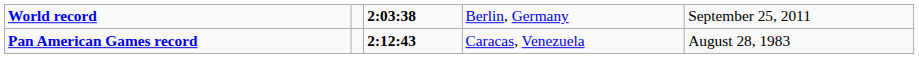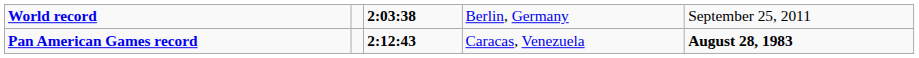 <table class="wikitable" width=75%>
 <tr>
 <td><strong><a href='#'>World record</a></strong></td>
 <td></td>
 <td><strong>2:03:38</strong></td>
 <td><a href='#'>Berlin</a>, <a href='#'>Germany</a></td>
 <td>September 25, 2011</td>
 </tr>
 <tr>
 <td><strong><a href='#'>Pan American Games record</a></strong></td>
 <td></td>
 <td><strong>2:12:43</strong></td>
 <td><a href='#'>Caracas</a>, <a href='#'>Venezuela</a></td>
-<td>August 28, 1983</td>
+<td><strong>August 28, 1983</strong></td>
 </tr>
 </table>
